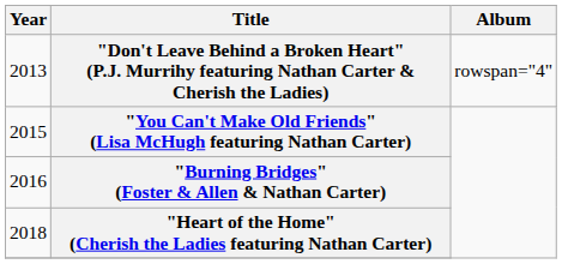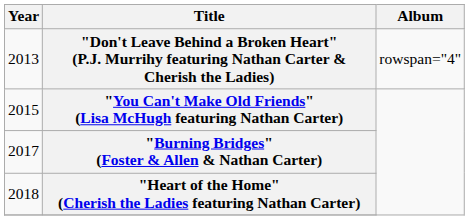 <table class="wikitable plainrowheaders" style="text-align:center;">
 <tr>
 <th scope="col" style="width:1em;">Year</th>
 <th scope="col" style="width:21em;">Title</th>
 <th scope="col">Album</th>
 </tr>
 <tr>
 <td>2013</td>
 <th scope="row">"Don't Leave Behind a Broken Heart"<br><span>(P.J. Murrihy featuring Nathan Carter & Cherish the Ladies)</span></th>
 <td>rowspan="4" </td>
 </tr>
 <tr>
 <td>2015</td>
 <th scope="row">"<a href='#'>You Can't Make Old Friends</a>"<br><span>(<a href='#'>Lisa McHugh</a> featuring Nathan Carter)</span></th>
 </tr>
 <tr>
-<td>2016</td>
+<td>2017</td>
 <th scope="row">"<a href='#'>Burning Bridges</a>"<br><span>(<a href='#'>Foster & Allen</a> & Nathan Carter)</span></th>
 </tr>
 <tr>
 <td>2018</td>
 <th scope="row">"Heart of the Home"<br><span>(<a href='#'>Cherish the Ladies</a> featuring Nathan Carter)</span></th>
 </tr>
 <tr>
 </tr>
 </table>
